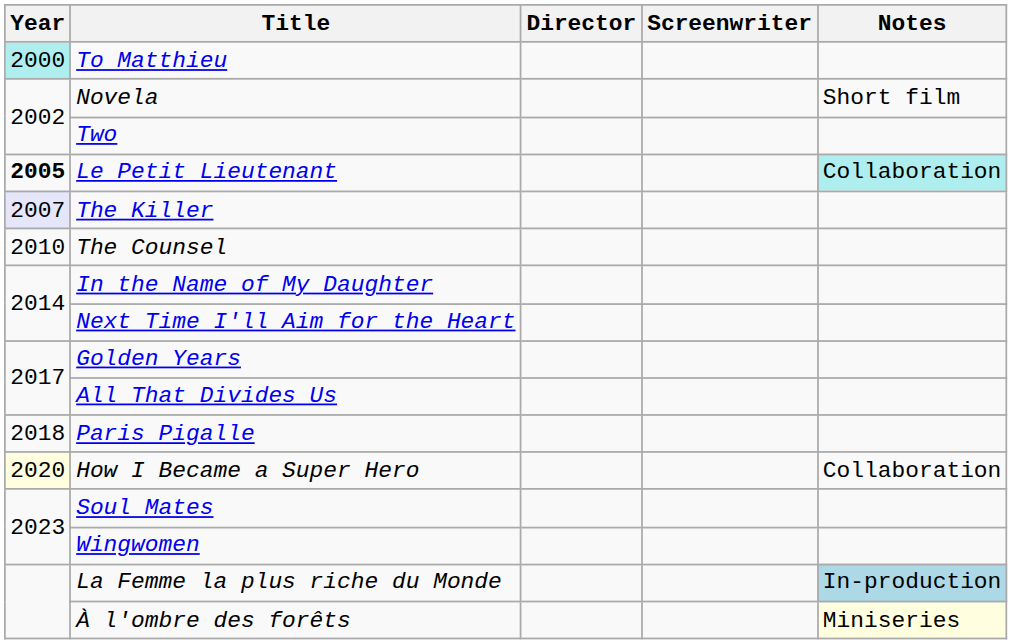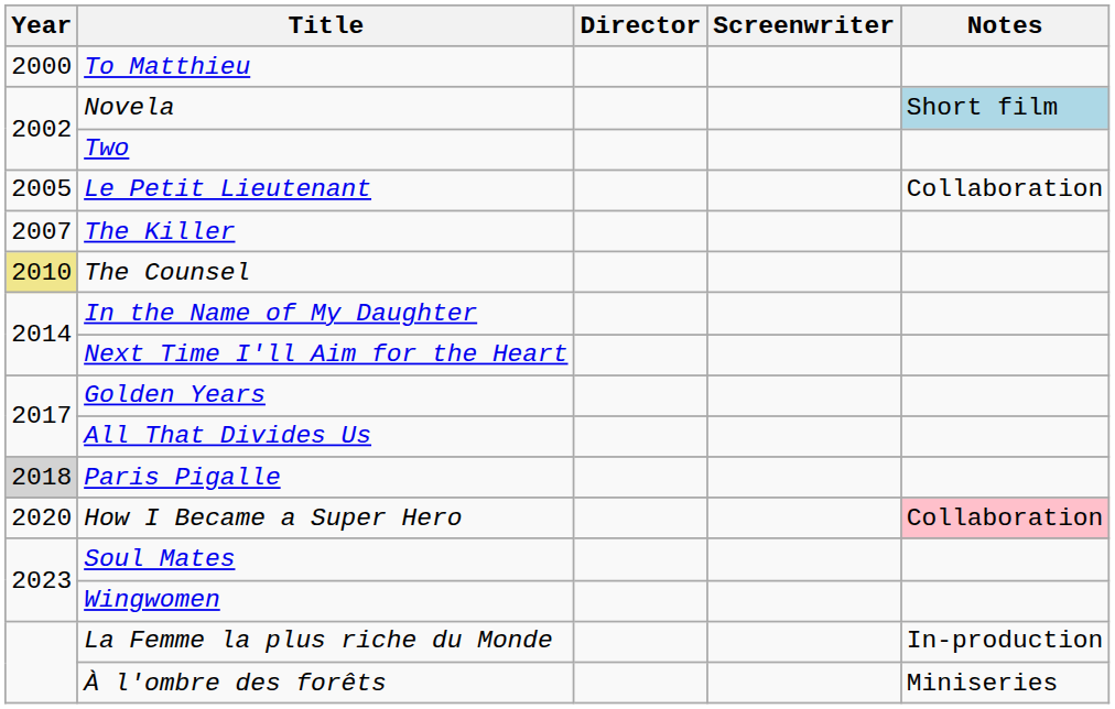 <table class="wikitable">
 <tr>
 <th>Year</th>
 <th>Title</th>
 <th>Director</th>
 <th>Screenwriter</th>
 <th>Notes</th>
 </tr>
 <tr>
-<td style="background: paleturquoise;">2000</td>
+<td>2000</td>
 <td><em><a href='#'>To Matthieu</a></em></td>
 <td></td>
 <td></td>
 <td></td>
 </tr>
 <tr>
 <td rowspan="2">2002</td>
 <td><em>Novela</em></td>
 <td></td>
 <td></td>
-<td>Short film</td>
+<td style="background: lightblue;">Short film</td>
 </tr>
 <tr>
 <td><em><a href='#'>Two</a></em></td>
 <td></td>
 <td></td>
 <td></td>
 </tr>
 <tr>
-<td><strong>2005</strong></td>
+<td>2005</td>
 <td><em><a href='#'>Le Petit Lieutenant</a></em></td>
 <td></td>
 <td></td>
-<td style="background: paleturquoise;">Collaboration</td>
+<td>Collaboration</td>
 </tr>
 <tr>
-<td style="background: lavender;">2007</td>
+<td>2007</td>
 <td><em><a href='#'>The Killer</a></em></td>
 <td></td>
 <td></td>
 <td></td>
 </tr>
 <tr>
-<td>2010</td>
+<td style="background: khaki;">2010</td>
 <td><em>The Counsel</em></td>
 <td></td>
 <td></td>
 <td></td>
 </tr>
 <tr>
 <td rowspan="2">2014</td>
 <td><em><a href='#'>In the Name of My Daughter</a></em></td>
 <td></td>
 <td></td>
 <td></td>
 </tr>
 <tr>
 <td><em><a href='#'>Next Time I'll Aim for the Heart</a></em></td>
 <td></td>
 <td></td>
 <td></td>
 </tr>
 <tr>
 <td rowspan="2">2017</td>
 <td><em><a href='#'>Golden Years</a></em></td>
 <td></td>
 <td></td>
 <td></td>
 </tr>
 <tr>
 <td><em><a href='#'>All That Divides Us</a></em></td>
 <td></td>
 <td></td>
 <td></td>
 </tr>
 <tr>
-<td>2018</td>
+<td style="background: lightgrey;">2018</td>
 <td><em><a href='#'>Paris Pigalle</a></em></td>
 <td></td>
 <td></td>
 <td></td>
 </tr>
 <tr>
-<td style="background: lightyellow;">2020</td>
+<td>2020</td>
 <td><em>How I Became a Super Hero</em></td>
 <td></td>
 <td></td>
-<td>Collaboration</td>
+<td style="background: pink;">Collaboration</td>
 </tr>
 <tr>
 <td rowspan="2">2023</td>
 <td><em><a href='#'>Soul Mates</a></em></td>
 <td></td>
 <td></td>
 <td></td>
 </tr>
 <tr>
 <td><em><a href='#'>Wingwomen</a></em></td>
 <td></td>
 <td></td>
 <td></td>
 </tr>
 <tr>
 <td rowspan="2"></td>
 <td><em>La Femme la plus riche du Monde</em></td>
 <td></td>
 <td></td>
-<td style="background: lightblue;">In-production</td>
+<td>In-production</td>
 </tr>
 <tr>
 <td><em>À l'ombre des forêts</em></td>
 <td></td>
 <td></td>
-<td style="background: lightyellow;">Miniseries</td>
+<td>Miniseries</td>
 </tr>
 </table>
